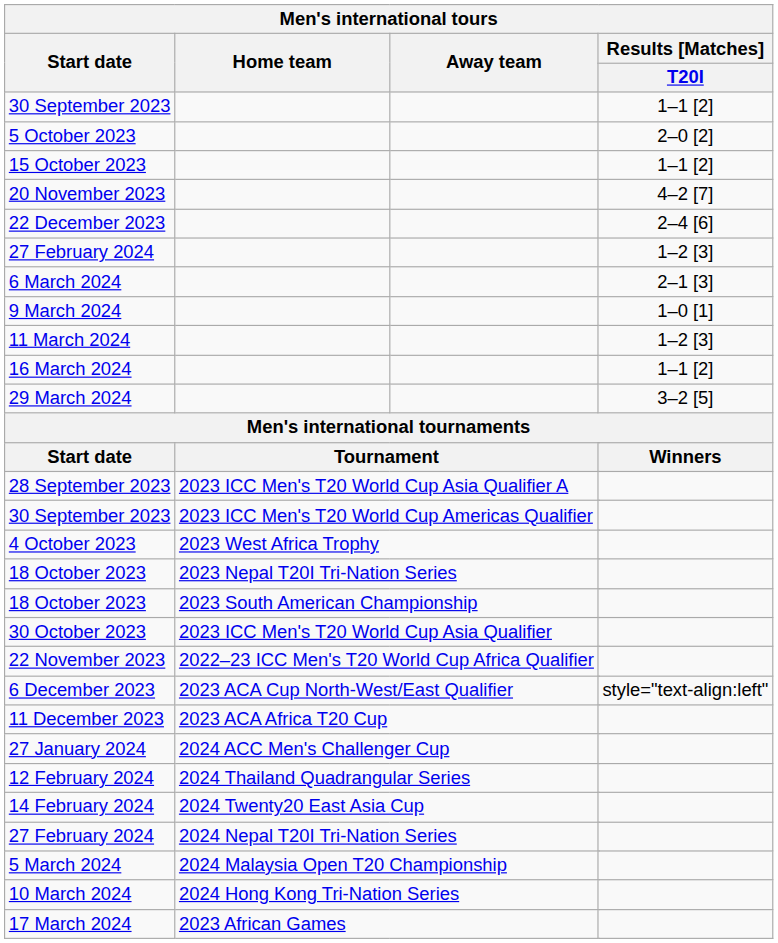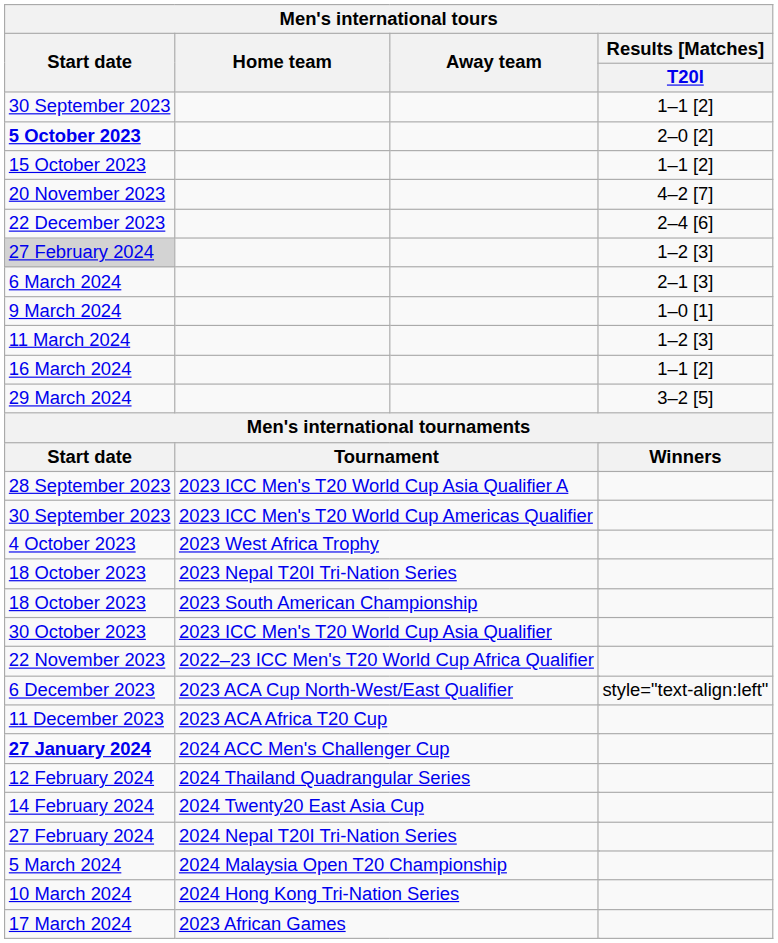 <table class="wikitable" style="text-align:center;">
 <tr>
 <th colspan=7>Men's international tours</th>
 </tr>
 <tr>
 <th rowspan=2>Start date</th>
 <th rowspan=2>Home team</th>
 <th rowspan=2>Away team</th>
 <th colspan=3>Results [Matches]</th>
 </tr>
 <tr>
 <th colspan=3><a href='#'>T20I</a></th>
 </tr>
 <tr>
 <td style="text-align:left"><a href='#'>30 September 2023</a></td>
 <td style="text-align:left"></td>
 <td style="text-align:left"></td>
 <td colspan=3>1–1 [2]</td>
 </tr>
 <tr>
-<td style="text-align:left"><a href='#'>5 October 2023</a></td>
+<td style="text-align:left"><strong><a href='#'>5 October 2023</a></strong></td>
 <td style="text-align:left"></td>
 <td style="text-align:left"></td>
 <td colspan=3>2–0 [2]</td>
 </tr>
 <tr>
 <td style="text-align:left"><a href='#'>15 October 2023</a></td>
 <td style="text-align:left"></td>
 <td style="text-align:left"></td>
 <td colspan=3>1–1 [2]</td>
 </tr>
 <tr>
 <td style="text-align:left"><a href='#'>20 November 2023</a></td>
 <td style="text-align:left"></td>
 <td style="text-align:left"></td>
 <td colspan=3>4–2 [7]</td>
 </tr>
 <tr>
 <td style="text-align:left"><a href='#'>22 December 2023</a></td>
 <td style="text-align:left"></td>
 <td style="text-align:left"></td>
 <td colspan=3>2–4 [6]</td>
 </tr>
 <tr>
-<td style="text-align:left"><a href='#'>27 February 2024</a></td>
+<td style="background: lightgrey; text-align:left"><a href='#'>27 February 2024</a></td>
 <td style="text-align:left"></td>
 <td style="text-align:left"></td>
 <td colspan=3>1–2 [3]</td>
 </tr>
 <tr>
 <td style="text-align:left"><a href='#'>6 March 2024</a></td>
 <td style="text-align:left"></td>
 <td style="text-align:left"></td>
 <td colspan=3>2–1 [3]</td>
 </tr>
 <tr>
 <td style="text-align:left"><a href='#'>9 March 2024</a></td>
 <td style="text-align:left"></td>
 <td style="text-align:left"></td>
 <td colspan=3>1–0 [1]</td>
 </tr>
 <tr>
 <td style="text-align:left"><a href='#'>11 March 2024</a></td>
 <td style="text-align:left"></td>
 <td style="text-align:left"></td>
 <td colspan=3>1–2 [3]</td>
 </tr>
 <tr>
 <td style="text-align:left"><a href='#'>16 March 2024</a></td>
 <td style="text-align:left"></td>
 <td style="text-align:left"></td>
 <td colspan=3>1–1 [2]</td>
 </tr>
 <tr>
 <td style="text-align:left"><a href='#'>29 March 2024</a></td>
 <td style="text-align:left"></td>
 <td style="text-align:left"></td>
 <td colspan=3>3–2 [5]</td>
 </tr>
 <tr>
 <th colspan=6>Men's international tournaments</th>
 </tr>
 <tr>
 <th>Start date</th>
 <th colspan=3>Tournament</th>
 <th colspan=2>Winners</th>
 </tr>
 <tr>
 <td style="text-align:left"><a href='#'>28 September 2023</a></td>
 <td style="text-align:left" colspan=3> <a href='#'>2023 ICC Men's T20 World Cup Asia Qualifier A</a></td>
 <td style="text-align:left" colspan=3></td>
 </tr>
 <tr>
 <td style="text-align:left"><a href='#'>30 September 2023</a></td>
 <td style="text-align:left" colspan=3> <a href='#'>2023 ICC Men's T20 World Cup Americas Qualifier</a></td>
 <td style="text-align:left" colspan=3></td>
 </tr>
 <tr>
 <td style="text-align:left"><a href='#'>4 October 2023</a></td>
 <td style="text-align:left" colspan=3> <a href='#'>2023 West Africa Trophy</a></td>
 <td style="text-align:left" colspan=3></td>
 </tr>
 <tr>
 <td style="text-align:left"><a href='#'>18 October 2023</a></td>
 <td style="text-align:left" colspan=3> <a href='#'>2023 Nepal T20I Tri-Nation Series</a></td>
 <td style="text-align:left" colspan=3></td>
 </tr>
 <tr>
 <td style="text-align:left"><a href='#'>18 October 2023</a></td>
 <td style="text-align:left" colspan=3> <a href='#'>2023 South American Championship</a></td>
 <td style="text-align:left" colspan=3></td>
 </tr>
 <tr>
 <td style="text-align:left"><a href='#'>30 October 2023</a></td>
 <td style="text-align:left" colspan=3> <a href='#'>2023 ICC Men's T20 World Cup Asia Qualifier</a></td>
 <td style="text-align:left" colspan=3></td>
 </tr>
 <tr>
 <td style="text-align:left"><a href='#'>22 November 2023</a></td>
 <td style="text-align:left" colspan=3> <a href='#'>2022–23 ICC Men's T20 World Cup Africa Qualifier</a></td>
 <td style="text-align:left" colspan=3></td>
 </tr>
 <tr>
 <td style="text-align:left"><a href='#'>6 December 2023</a></td>
 <td style="text-align:left" colspan=3> <a href='#'>2023 ACA Cup North-West/East Qualifier</a></td>
 <td>style="text-align:left" </td>
 </tr>
 <tr>
 <td style="text-align:left"><a href='#'>11 December 2023</a></td>
 <td style="text-align:left" colspan=3> <a href='#'>2023 ACA Africa T20 Cup</a></td>
 <td style="text-align:left" colspan=3></td>
 </tr>
 <tr>
-<td style="text-align:left"><a href='#'>27 January 2024</a></td>
+<td style="text-align:left"><strong><a href='#'>27 January 2024</a></strong></td>
 <td style="text-align:left" colspan=3> <a href='#'>2024 ACC Men's Challenger Cup</a></td>
 <td style="text-align:left" colspan=3></td>
 </tr>
 <tr>
 <td style="text-align:left"><a href='#'>12 February 2024</a></td>
 <td style="text-align:left" colspan=3> <a href='#'>2024 Thailand Quadrangular Series</a></td>
 <td style="text-align:left" colspan=3></td>
 </tr>
 <tr>
 <td style="text-align:left"><a href='#'>14 February 2024</a></td>
 <td style="text-align:left" colspan=3> <a href='#'>2024 Twenty20 East Asia Cup</a></td>
 <td style="text-align:left" colspan=3></td>
 </tr>
 <tr>
 <td style="text-align:left"><a href='#'>27 February 2024</a></td>
 <td style="text-align:left" colspan=3> <a href='#'>2024 Nepal T20I Tri-Nation Series</a></td>
 <td style="text-align:left" colspan=3></td>
 </tr>
 <tr>
 <td style="text-align:left"><a href='#'>5 March 2024</a></td>
 <td style="text-align:left" colspan=3> <a href='#'>2024 Malaysia Open T20 Championship</a></td>
 <td style="text-align:left" colspan=3></td>
 </tr>
 <tr>
 <td style="text-align:left"><a href='#'>10 March 2024</a></td>
 <td style="text-align:left" colspan=3> <a href='#'>2024 Hong Kong Tri-Nation Series</a></td>
 <td style="text-align:left" colspan=3></td>
 </tr>
 <tr>
 <td style="text-align:left"><a href='#'>17 March 2024</a></td>
 <td style="text-align:left" colspan=3> <a href='#'>2023 African Games</a></td>
 <td style="text-align:left" colspan=3></td>
 </tr>
 </table>
